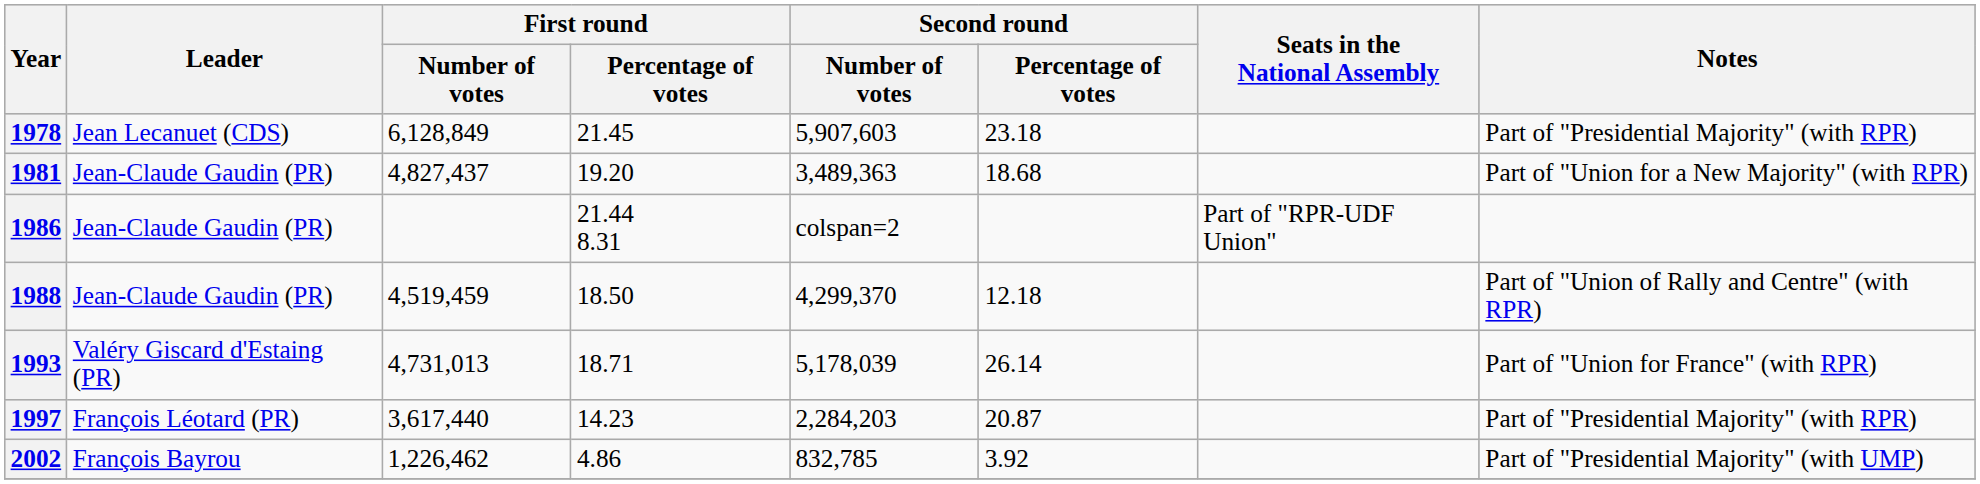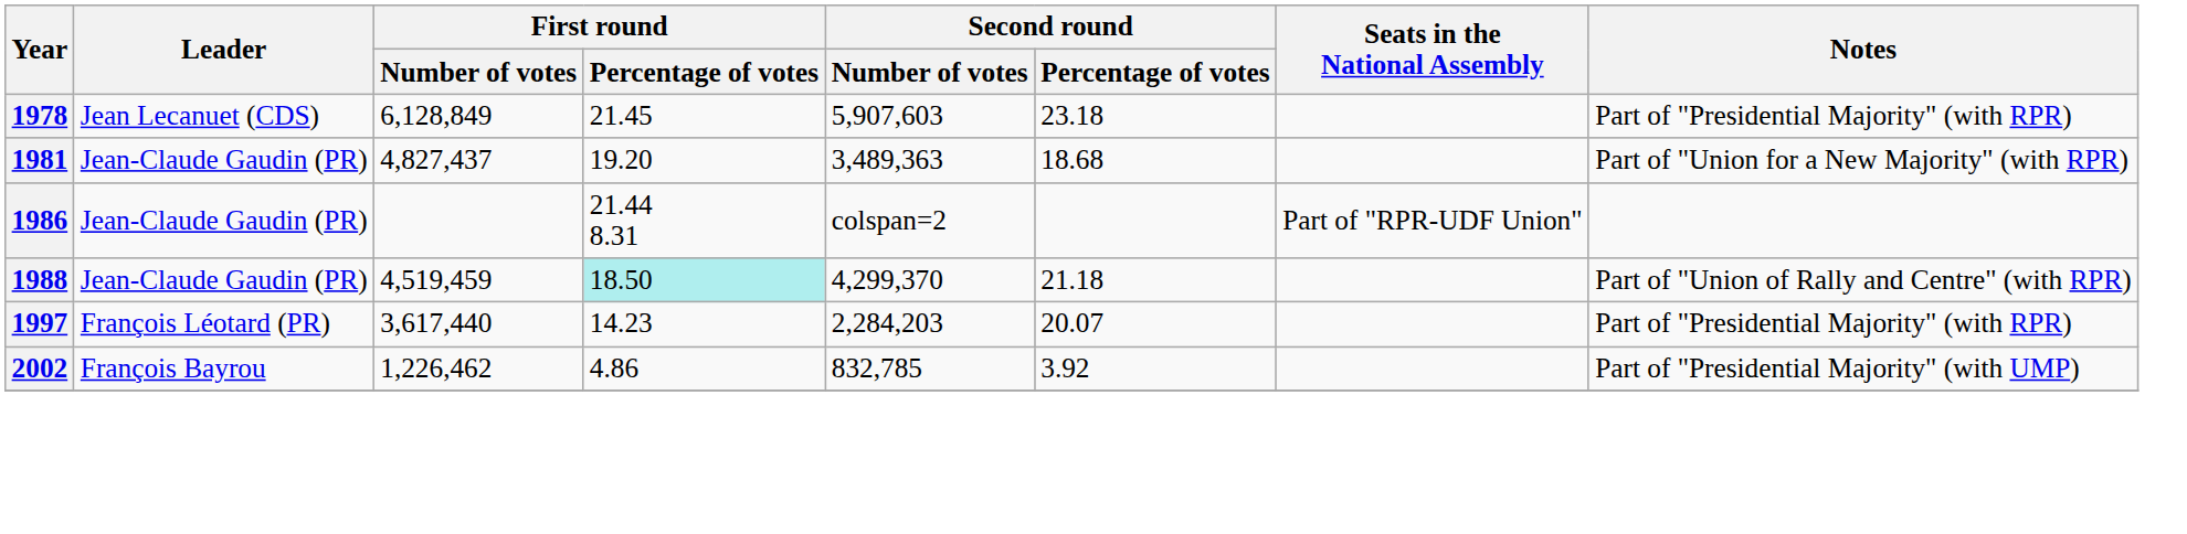 <table class="wikitable">
 <tr>
 <th rowspan=2>Year</th>
 <th rowspan=2>Leader</th>
 <th colspan=2>First round</th>
 <th colspan=2>Second round</th>
 <th rowspan=2>Seats in the<br> <a href='#'>National Assembly</a></th>
 <th rowspan=2>Notes</th>
 </tr>
 <tr>
 <th>Number of votes</th>
 <th>Percentage of votes</th>
 <th>Number of votes</th>
 <th>Percentage of votes</th>
 </tr>
 <tr>
 <th><a href='#'>1978</a></th>
 <td><a href='#'>Jean Lecanuet</a> (<a href='#'>CDS</a>)</td>
 <td>6,128,849</td>
 <td>21.45</td>
 <td>5,907,603</td>
 <td>23.18</td>
 <td></td>
 <td>Part of "Presidential Majority" (with <a href='#'>RPR</a>)</td>
 </tr>
 <tr>
 <th><a href='#'>1981</a></th>
 <td><a href='#'>Jean-Claude Gaudin</a> (<a href='#'>PR</a>)</td>
 <td>4,827,437</td>
 <td>19.20</td>
 <td>3,489,363</td>
 <td>18.68</td>
 <td></td>
 <td>Part of "Union for a New Majority" (with <a href='#'>RPR</a>)</td>
 </tr>
 <tr>
 <th><a href='#'>1986</a></th>
 <td><a href='#'>Jean-Claude Gaudin</a> (<a href='#'>PR</a>)</td>
 <td><br></td>
 <td>21.44<br>8.31</td>
 <td>colspan=2 </td>
 <td></td>
 <td>Part of "RPR-UDF Union"</td>
 </tr>
 <tr>
 <th><a href='#'>1988</a></th>
 <td><a href='#'>Jean-Claude Gaudin</a> (<a href='#'>PR</a>)</td>
 <td>4,519,459</td>
-<td>18.50</td>
+<td style="background: paleturquoise;">18.50</td>
 <td>4,299,370</td>
-<td>12.18</td>
+<td>21.18</td>
 <td></td>
 <td>Part of "Union of Rally and Centre" (with <a href='#'>RPR</a>)</td>
-</tr>
-<tr>
-<th><a href='#'>1993</a></th>
-<td><a href='#'>Valéry Giscard d'Estaing</a> (<a href='#'>PR</a>)</td>
-<td>4,731,013</td>
-<td>18.71</td>
-<td>5,178,039</td>
-<td>26.14</td>
-<td></td>
-<td>Part of "Union for France" (with <a href='#'>RPR</a>)</td>
 </tr>
 <tr>
 <th><a href='#'>1997</a></th>
 <td><a href='#'>François Léotard</a> (<a href='#'>PR</a>)</td>
 <td>3,617,440</td>
 <td>14.23</td>
 <td>2,284,203</td>
-<td>20.87</td>
+<td>20.07</td>
 <td></td>
 <td>Part of "Presidential Majority" (with <a href='#'>RPR</a>)</td>
 </tr>
 <tr>
 <th><a href='#'>2002</a></th>
 <td><a href='#'>François Bayrou</a></td>
 <td>1,226,462</td>
 <td>4.86</td>
 <td>832,785</td>
 <td>3.92</td>
 <td></td>
 <td>Part of "Presidential Majority" (with <a href='#'>UMP</a>)</td>
 </tr>
 <tr>
 </tr>
 </table>
